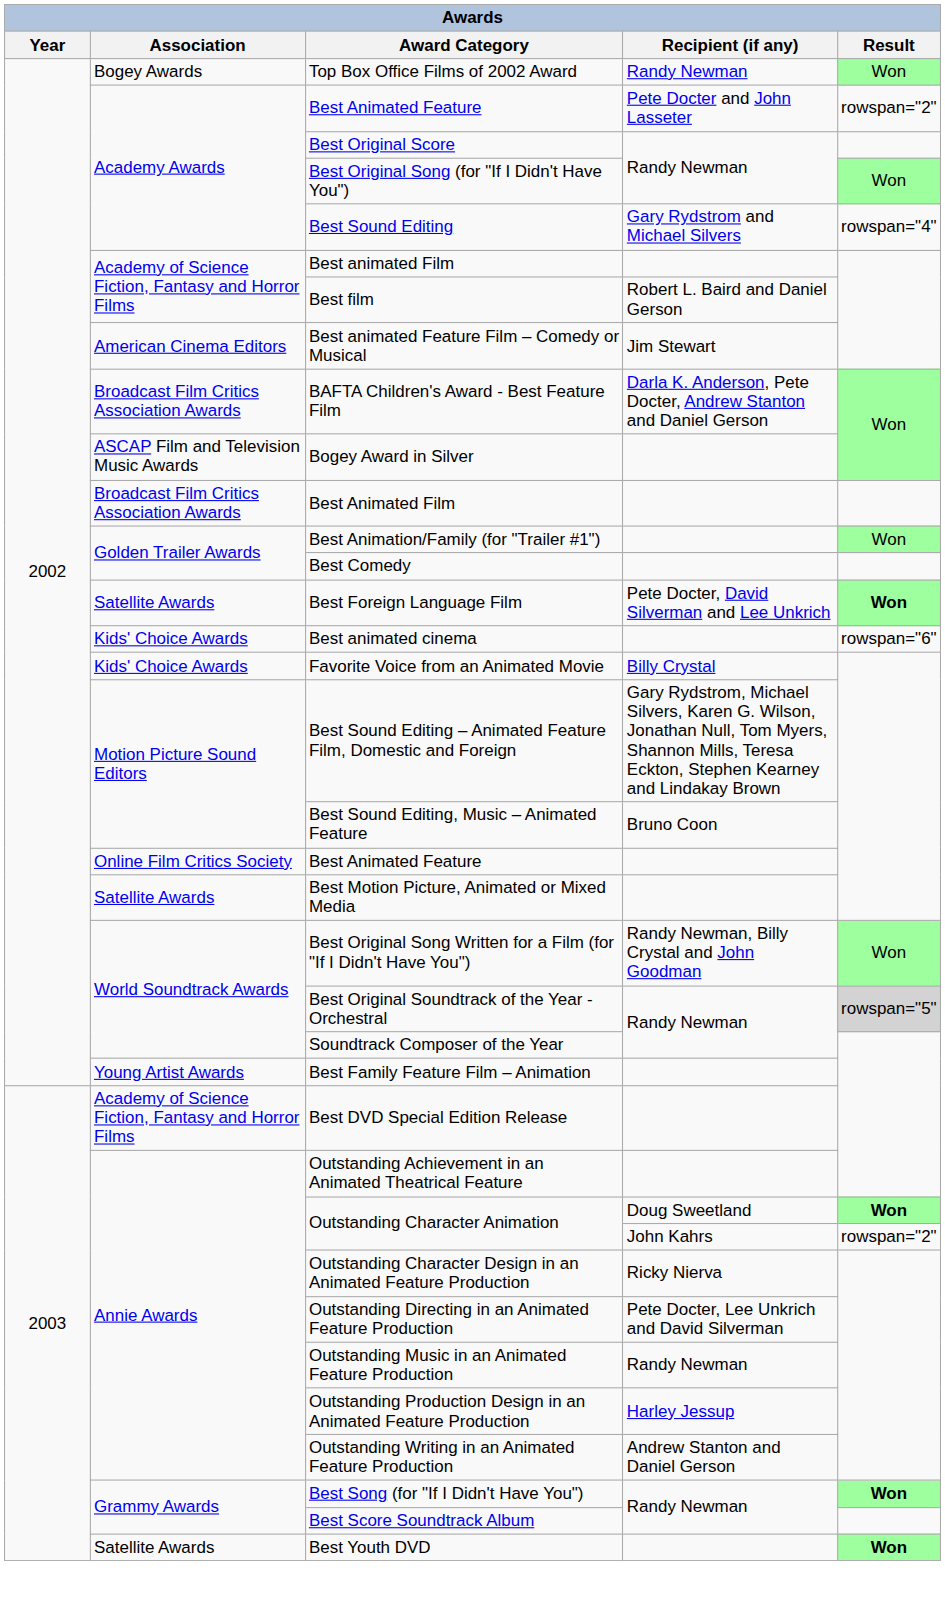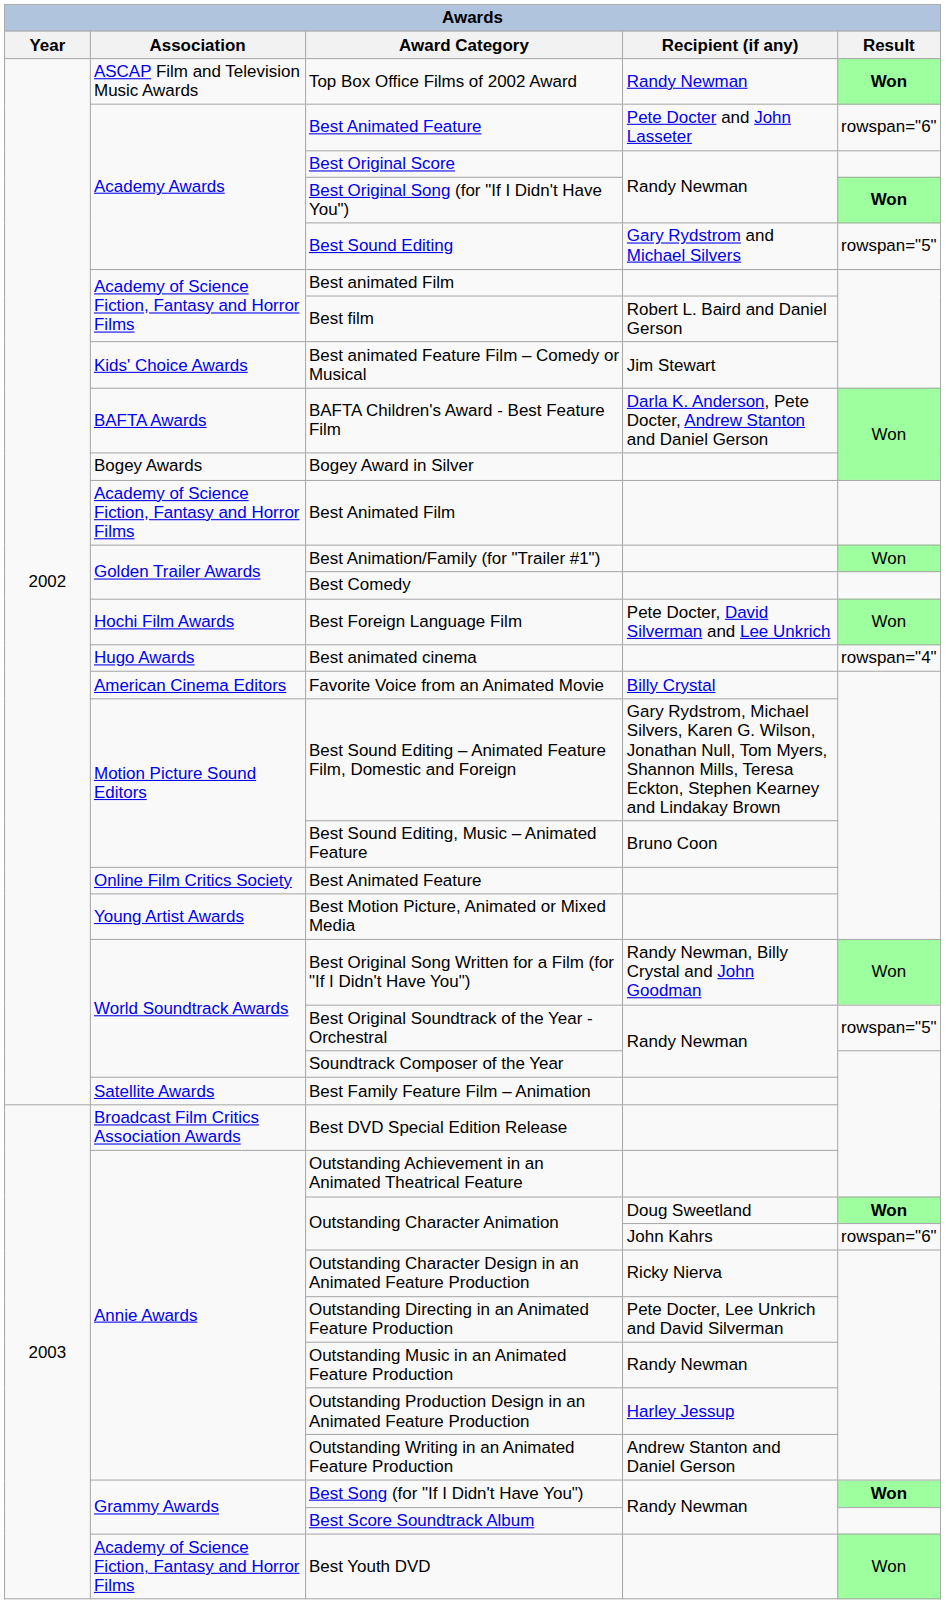 <table class="wikitable sortable" style="width:100%;">
 <tr>
 <th colspan="5" style="background: LightSteelBlue;">Awards</th>
 </tr>
 <tr>
 <th width="075"><strong>Year</strong></th>
 <th width="200"><strong>Association</strong></th>
 <th width="300"><strong>Award Category</strong></th>
 <th width="200"><strong>Recipient (if any)</strong></th>
 <th width="80"><strong>Result</strong></th>
 </tr>
 <tr>
 <td rowspan="24" style="text-align:center;">2002</td>
-<td>Bogey Awards</td>
+<td><a href='#'>ASCAP</a> Film and Television Music Awards</td>
 <td>Top Box Office Films of 2002 Award</td>
 <td><a href='#'>Randy Newman</a></td>
-<td style="background:#9EFF9E;color:#000;vertical-align:middle;text-align:center;" class="yes table-yes2 notheme">Won</td>
+<td style="background:#9EFF9E;color:#000;vertical-align:middle;text-align:center;" class="yes table-yes2 notheme"><strong>Won</strong></td>
 </tr>
 <tr>
 <td rowspan="4"><a href='#'>Academy Awards</a></td>
 <td><a href='#'>Best Animated Feature</a></td>
 <td><a href='#'>Pete Docter</a> and <a href='#'>John Lasseter</a></td>
-<td>rowspan="2" </td>
+<td>rowspan="6" </td>
 </tr>
 <tr>
 <td><a href='#'>Best Original Score</a></td>
 <td rowspan="2">Randy Newman</td>
 </tr>
 <tr>
 <td><a href='#'>Best Original Song</a> (for "If I Didn't Have You")</td>
-<td style="background:#9EFF9E;color:#000;vertical-align:middle;text-align:center;" class="yes table-yes2 notheme">Won</td>
+<td style="background:#9EFF9E;color:#000;vertical-align:middle;text-align:center;" class="yes table-yes2 notheme"><strong>Won</strong></td>
 </tr>
 <tr>
 <td><a href='#'>Best Sound Editing</a></td>
 <td><a href='#'>Gary Rydstrom</a> and <a href='#'>Michael Silvers</a></td>
-<td>rowspan="4" </td>
+<td>rowspan="5" </td>
 </tr>
 <tr>
 <td rowspan="2"><a href='#'>Academy of Science Fiction, Fantasy and Horror Films</a></td>
 <td>Best animated Film</td>
 <td></td>
 </tr>
 <tr>
 <td>Best film</td>
 <td>Robert L. Baird and Daniel Gerson</td>
 </tr>
 <tr>
-<td><a href='#'>American Cinema Editors</a></td>
+<td><a href='#'>Kids' Choice Awards</a></td>
 <td>Best animated Feature Film – Comedy or Musical</td>
 <td>Jim Stewart</td>
 </tr>
 <tr>
-<td><a href='#'>Broadcast Film Critics Association Awards</a></td>
+<td><a href='#'>BAFTA Awards</a></td>
 <td>BAFTA Children's Award - Best Feature Film</td>
 <td><a href='#'>Darla K. Anderson</a>, Pete Docter, <a href='#'>Andrew Stanton</a> and Daniel Gerson</td>
 <td rowspan="2" style="background:#9EFF9E;color:#000;vertical-align:middle;text-align:center;" class="yes table-yes2 notheme">Won</td>
 </tr>
 <tr>
-<td><a href='#'>ASCAP</a> Film and Television Music Awards</td>
+<td>Bogey Awards</td>
 <td>Bogey Award in Silver</td>
 <td></td>
 </tr>
 <tr>
-<td><a href='#'>Broadcast Film Critics Association Awards</a></td>
+<td><a href='#'>Academy of Science Fiction, Fantasy and Horror Films</a></td>
 <td>Best Animated Film</td>
 <td></td>
 <td></td>
 </tr>
 <tr>
 <td rowspan="2"><a href='#'>Golden Trailer Awards</a></td>
 <td>Best Animation/Family (for "Trailer #1")</td>
 <td></td>
 <td style="background:#9EFF9E;color:#000;vertical-align:middle;text-align:center;" class="yes table-yes2 notheme">Won</td>
 </tr>
 <tr>
 <td>Best Comedy</td>
 <td></td>
 <td></td>
 </tr>
 <tr>
-<td><a href='#'>Satellite Awards</a></td>
+<td><a href='#'>Hochi Film Awards</a></td>
 <td>Best Foreign Language Film</td>
 <td>Pete Docter, <a href='#'>David Silverman</a> and <a href='#'>Lee Unkrich</a></td>
-<td style="background:#9EFF9E;color:#000;vertical-align:middle;text-align:center;" class="yes table-yes2 notheme"><strong>Won</strong></td>
+<td style="background:#9EFF9E;color:#000;vertical-align:middle;text-align:center;" class="yes table-yes2 notheme">Won</td>
 </tr>
 <tr>
-<td><a href='#'>Kids' Choice Awards</a></td>
+<td><a href='#'>Hugo Awards</a></td>
 <td>Best animated cinema</td>
 <td></td>
-<td>rowspan="6" </td>
+<td>rowspan="4" </td>
 </tr>
 <tr>
-<td><a href='#'>Kids' Choice Awards</a></td>
+<td><a href='#'>American Cinema Editors</a></td>
 <td>Favorite Voice from an Animated Movie</td>
 <td><a href='#'>Billy Crystal</a></td>
 </tr>
 <tr favorite animated movie>
 <td rowspan="2"><a href='#'>Motion Picture Sound Editors</a></td>
 <td>Best Sound Editing – Animated Feature Film, Domestic and Foreign</td>
 <td>Gary Rydstrom, Michael Silvers, Karen G. Wilson, Jonathan Null, Tom Myers, Shannon Mills, Teresa Eckton, Stephen Kearney and Lindakay Brown</td>
 </tr>
 <tr>
 <td>Best Sound Editing, Music – Animated Feature</td>
 <td>Bruno Coon</td>
 </tr>
 <tr>
 <td><a href='#'>Online Film Critics Society</a></td>
 <td>Best Animated Feature</td>
 <td></td>
 </tr>
 <tr>
-<td><a href='#'>Satellite Awards</a></td>
+<td><a href='#'>Young Artist Awards</a></td>
 <td>Best Motion Picture, Animated or Mixed Media</td>
 <td></td>
 </tr>
 <tr>
 <td rowspan="3"><a href='#'>World Soundtrack Awards</a></td>
 <td>Best Original Song Written for a Film (for "If I Didn't Have You")</td>
 <td>Randy Newman, Billy Crystal and <a href='#'>John Goodman</a></td>
 <td style="background:#9EFF9E;color:#000;vertical-align:middle;text-align:center;" class="yes table-yes2 notheme">Won</td>
 </tr>
 <tr>
 <td>Best Original Soundtrack of the Year - Orchestral</td>
 <td rowspan="2">Randy Newman</td>
-<td style="background: lightgrey;">rowspan="5" </td>
+<td>rowspan="5" </td>
 </tr>
 <tr>
 <td>Soundtrack Composer of the Year</td>
 </tr>
 <tr>
-<td><a href='#'>Young Artist Awards</a></td>
+<td><a href='#'>Satellite Awards</a></td>
 <td>Best Family Feature Film – Animation</td>
 <td></td>
 </tr>
 <tr>
 <td rowspan="13" style="text-align:center;">2003</td>
-<td><a href='#'>Academy of Science Fiction, Fantasy and Horror Films</a></td>
+<td><a href='#'>Broadcast Film Critics Association Awards</a></td>
 <td>Best DVD Special Edition Release</td>
 <td></td>
 </tr>
 <tr>
 <td rowspan="8"><a href='#'>Annie Awards</a></td>
 <td>Outstanding Achievement in an Animated Theatrical Feature</td>
 <td></td>
 </tr>
 <tr>
 <td rowspan="2">Outstanding Character Animation</td>
 <td>Doug Sweetland</td>
 <td style="background:#9EFF9E;color:#000;vertical-align:middle;text-align:center;" class="yes table-yes2 notheme"><strong>Won</strong></td>
 </tr>
 <tr>
 <td>John Kahrs</td>
-<td>rowspan="2" </td>
+<td>rowspan="6" </td>
 </tr>
 <tr>
 <td>Outstanding Character Design in an Animated Feature Production</td>
 <td>Ricky Nierva</td>
 </tr>
 <tr>
 <td>Outstanding Directing in an Animated Feature Production</td>
 <td>Pete Docter, Lee Unkrich and David Silverman</td>
 </tr>
 <tr>
 <td>Outstanding Music in an Animated Feature Production</td>
 <td>Randy Newman</td>
 </tr>
 <tr>
 <td>Outstanding Production Design in an Animated Feature Production</td>
 <td><a href='#'>Harley Jessup</a></td>
 </tr>
 <tr>
 <td>Outstanding Writing in an Animated Feature Production</td>
 <td>Andrew Stanton and Daniel Gerson</td>
 </tr>
 <tr>
 <td rowspan="2"><a href='#'>Grammy Awards</a></td>
 <td><a href='#'>Best Song</a> (for "If I Didn't Have You")</td>
 <td rowspan="2">Randy Newman</td>
 <td style="background:#9EFF9E;color:#000;vertical-align:middle;text-align:center;" class="yes table-yes2 notheme"><strong>Won</strong></td>
 </tr>
 <tr>
 <td><a href='#'>Best Score Soundtrack Album</a></td>
 <td></td>
 </tr>
 <tr>
-<td>Satellite Awards</td>
+<td><a href='#'>Academy of Science Fiction, Fantasy and Horror Films</a></td>
 <td>Best Youth DVD</td>
 <td></td>
-<td style="background:#9EFF9E;color:#000;vertical-align:middle;text-align:center;" class="yes table-yes2 notheme"><strong>Won</strong></td>
+<td style="background:#9EFF9E;color:#000;vertical-align:middle;text-align:center;" class="yes table-yes2 notheme">Won</td>
 </tr>
 </table>
